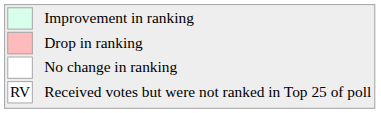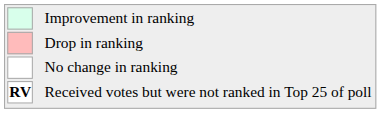 <table style="font-size:90%; border:1px solid #aaa; white-space:nowrap; background:#eee;">
 <tr>
 <td style="background:#d8ffeb; width:20px; border:1px solid #aaa;"> </td>
 <td rowspan=5> </td>
 <td>Improvement in ranking</td>
 </tr>
 <tr>
 <td style="background:#fbb; width:20px; border:1px solid #aaa;"> </td>
 <td>Drop in ranking</td>
 </tr>
 <tr>
 <td style="background:#fff; width:20px; border:1px solid #aaa;"> </td>
 <td>No change in ranking</td>
 </tr>
 <tr>
-<td style="text-align:center; width:20px; border:1px solid #aaa; background:white;">RV</td>
+<td style="text-align:center; width:20px; border:1px solid #aaa; background:white;"><strong>RV</strong></td>
 <td>Received votes but were not ranked in Top 25 of poll</td>
 </tr>
 <tr>
 </tr>
 </table>
